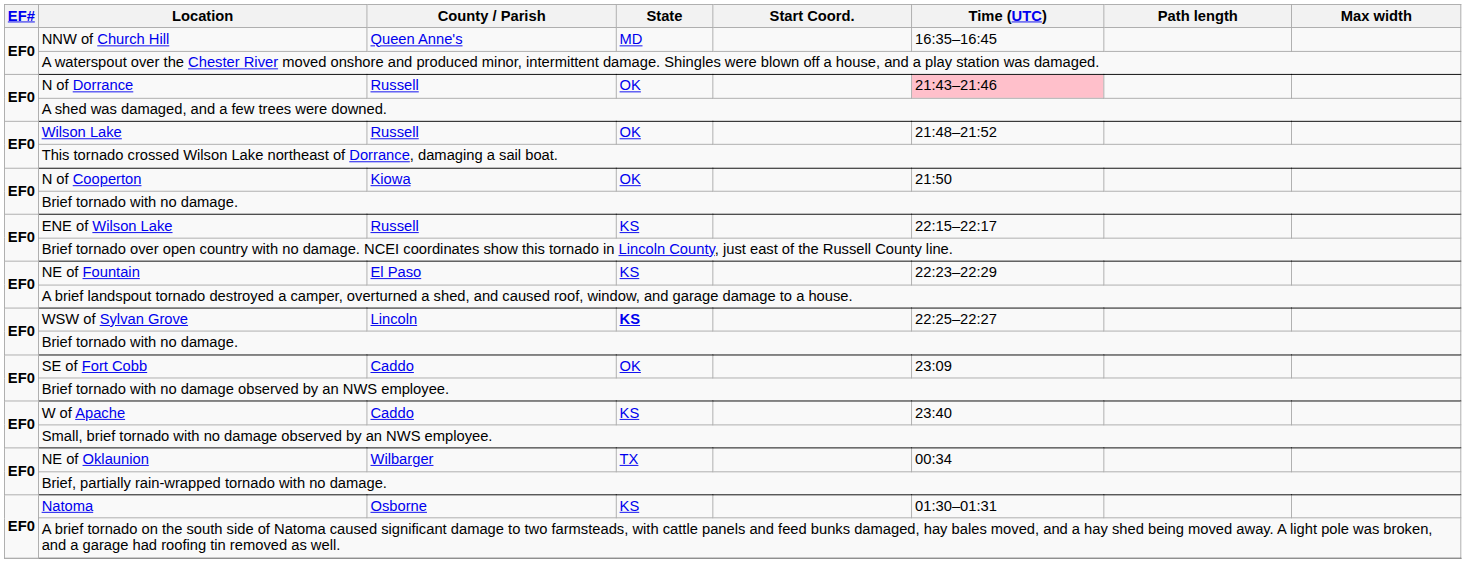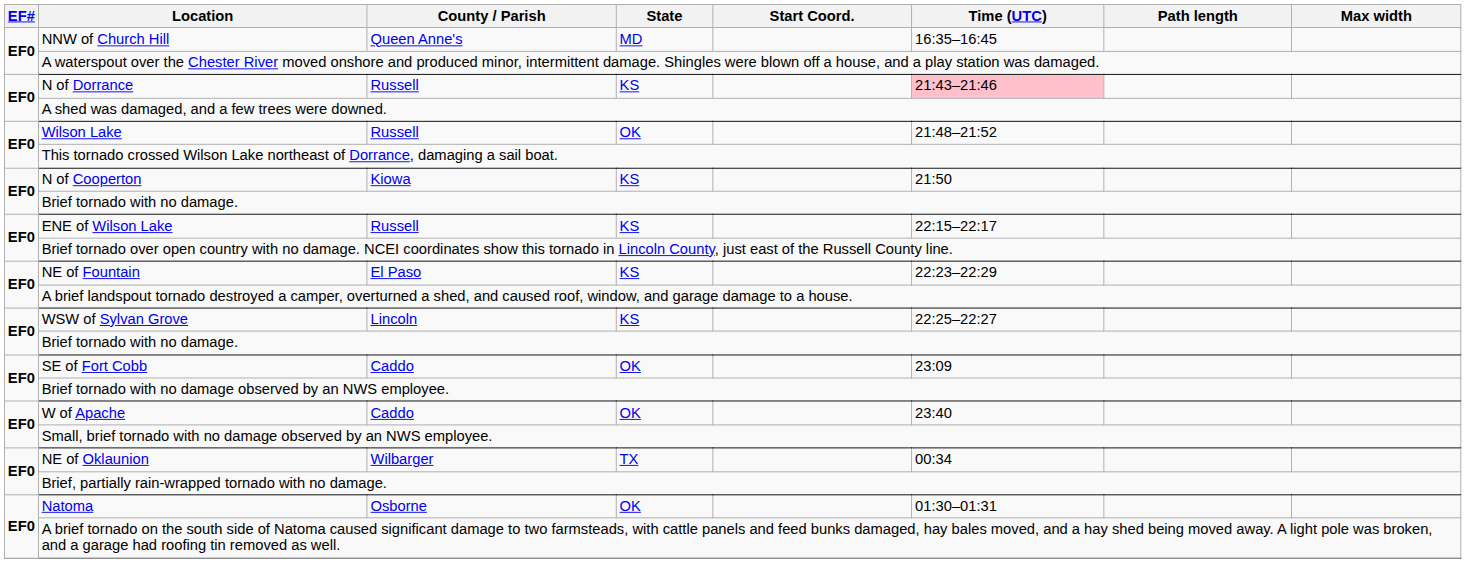 <table class="wikitable sortable" style="width:100%;">
 <tr>
 <th scope="col" width="2%" align="center"><a href='#'>EF#</a></th>
 <th scope="col" align="center" class="unsortable">Location</th>
 <th scope="col" align="center" class="unsortable">County / Parish</th>
 <th scope="col" align="center">State</th>
 <th scope="col" align="center" data-sort-type="number">Start Coord.</th>
 <th scope="col" align="center" data-sort-type="number">Time (<a href='#'>UTC</a>)</th>
 <th scope="col" align="center" data-sort-type="number">Path length</th>
 <th scope="col" align="center" data-sort-type="number">Max width</th>
 </tr>
 <tr>
 <td rowspan="2" align="center"><strong>EF0</strong></td>
 <td>NNW of <a href='#'>Church Hill</a></td>
 <td><a href='#'>Queen Anne's</a></td>
 <td><a href='#'>MD</a></td>
 <td></td>
 <td>16:35–16:45</td>
 <td></td>
 <td></td>
 </tr>
 <tr class="expand-child">
 <td colspan="8" style=" border-bottom: 1px solid black;">A waterspout over the <a href='#'>Chester River</a> moved onshore and produced minor, intermittent damage. Shingles were blown off a house, and a play station was damaged.</td>
 </tr>
 <tr>
 <td rowspan="2" align="center"><strong>EF0</strong></td>
 <td>N of <a href='#'>Dorrance</a></td>
 <td><a href='#'>Russell</a></td>
-<td><a href='#'>OK</a></td>
+<td><a href='#'>KS</a></td>
 <td></td>
 <td style="background: pink;">21:43–21:46</td>
 <td></td>
 <td></td>
 </tr>
 <tr class="expand-child">
 <td colspan="8" style=" border-bottom: 1px solid black;">A shed was damaged, and a few trees were downed.</td>
 </tr>
 <tr>
 <td rowspan="2" align="center"><strong>EF0</strong></td>
 <td><a href='#'>Wilson Lake</a></td>
 <td><a href='#'>Russell</a></td>
 <td><a href='#'>OK</a></td>
 <td></td>
 <td>21:48–21:52</td>
 <td></td>
 <td></td>
 </tr>
 <tr class="expand-child">
 <td colspan="8" style=" border-bottom: 1px solid black;">This tornado crossed Wilson Lake northeast of <a href='#'>Dorrance</a>, damaging a sail boat.</td>
 </tr>
 <tr>
 <td rowspan="2" align="center"><strong>EF0</strong></td>
 <td>N of <a href='#'>Cooperton</a></td>
 <td><a href='#'>Kiowa</a></td>
-<td><a href='#'>OK</a></td>
+<td><a href='#'>KS</a></td>
 <td></td>
 <td>21:50</td>
 <td></td>
 <td></td>
 </tr>
 <tr class="expand-child">
 <td colspan="8" style=" border-bottom: 1px solid black;">Brief tornado with no damage.</td>
 </tr>
 <tr>
 <td rowspan="2" align="center"><strong>EF0</strong></td>
 <td>ENE of <a href='#'>Wilson Lake</a></td>
 <td><a href='#'>Russell</a></td>
 <td><a href='#'>KS</a></td>
 <td></td>
 <td>22:15–22:17</td>
 <td></td>
 <td></td>
 </tr>
 <tr class="expand-child">
 <td colspan="8" style=" border-bottom: 1px solid black;">Brief tornado over open country with no damage. NCEI coordinates show this tornado in <a href='#'>Lincoln County</a>, just east of the Russell County line.</td>
 </tr>
 <tr>
 <td rowspan="2" align="center"><strong>EF0</strong></td>
 <td>NE of <a href='#'>Fountain</a></td>
 <td><a href='#'>El Paso</a></td>
 <td><a href='#'>KS</a></td>
 <td></td>
 <td>22:23–22:29</td>
 <td></td>
 <td></td>
 </tr>
 <tr class="expand-child">
 <td colspan="8" style=" border-bottom: 1px solid black;">A brief landspout tornado destroyed a camper, overturned a shed, and caused roof, window, and garage damage to a house.</td>
 </tr>
 <tr>
 <td rowspan="2" align="center"><strong>EF0</strong></td>
 <td>WSW of <a href='#'>Sylvan Grove</a></td>
 <td><a href='#'>Lincoln</a></td>
-<td><strong><a href='#'>KS</a></strong></td>
+<td><a href='#'>KS</a></td>
 <td></td>
 <td>22:25–22:27</td>
 <td></td>
 <td></td>
 </tr>
 <tr class="expand-child">
 <td colspan="8" style=" border-bottom: 1px solid black;">Brief tornado with no damage.</td>
 </tr>
 <tr>
 <td rowspan="2" align="center"><strong>EF0</strong></td>
 <td>SE of <a href='#'>Fort Cobb</a></td>
 <td><a href='#'>Caddo</a></td>
 <td><a href='#'>OK</a></td>
 <td></td>
 <td>23:09</td>
 <td></td>
 <td></td>
 </tr>
 <tr class="expand-child">
 <td colspan="8" style=" border-bottom: 1px solid black;">Brief tornado with no damage observed by an NWS employee.</td>
 </tr>
 <tr>
 <td rowspan="2" align="center"><strong>EF0</strong></td>
 <td>W of <a href='#'>Apache</a></td>
 <td><a href='#'>Caddo</a></td>
-<td><a href='#'>KS</a></td>
+<td><a href='#'>OK</a></td>
 <td></td>
 <td>23:40</td>
 <td></td>
 <td></td>
 </tr>
 <tr class="expand-child">
 <td colspan="8" style=" border-bottom: 1px solid black;">Small, brief tornado with no damage observed by an NWS employee.</td>
 </tr>
 <tr>
 <td rowspan="2" align="center"><strong>EF0</strong></td>
 <td>NE of <a href='#'>Oklaunion</a></td>
 <td><a href='#'>Wilbarger</a></td>
 <td><a href='#'>TX</a></td>
 <td></td>
 <td>00:34</td>
 <td></td>
 <td></td>
 </tr>
 <tr class="expand-child">
 <td colspan="8" style=" border-bottom: 1px solid black;">Brief, partially rain-wrapped tornado with no damage.</td>
 </tr>
 <tr>
 <td rowspan="2" align="center"><strong>EF0</strong></td>
 <td><a href='#'>Natoma</a></td>
 <td><a href='#'>Osborne</a></td>
-<td><a href='#'>KS</a></td>
+<td><a href='#'>OK</a></td>
 <td></td>
 <td>01:30–01:31</td>
 <td></td>
 <td></td>
 </tr>
 <tr class="expand-child">
 <td colspan="8" style=" border-bottom: 1px solid black;">A brief tornado on the south side of Natoma caused significant damage to two farmsteads, with cattle panels and feed bunks damaged, hay bales moved, and a hay shed being moved  away. A light pole was broken, and a garage had roofing tin removed as well.</td>
 </tr>
 <tr>
 </tr>
 </table>
